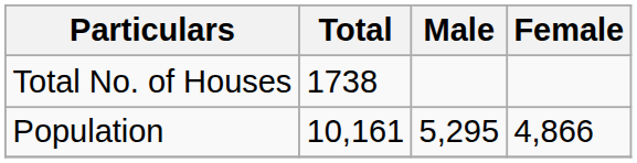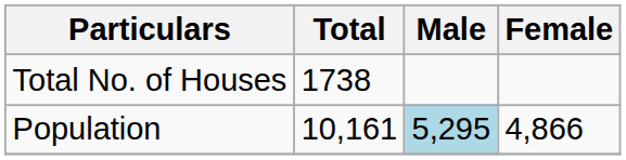 <table class="wikitable sortable">
 <tr>
 <th>Particulars</th>
 <th>Total</th>
 <th>Male</th>
 <th>Female</th>
 </tr>
 <tr>
 <td>Total No. of Houses</td>
 <td>1738</td>
 <td></td>
 <td></td>
 </tr>
 <tr>
 <td>Population</td>
 <td>10,161</td>
-<td>5,295</td>
+<td style="background: lightblue;">5,295</td>
 <td>4,866</td>
 </tr>
 <tr>
 </tr>
 </table>
